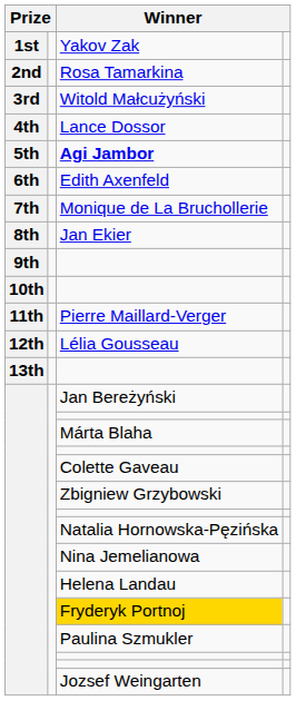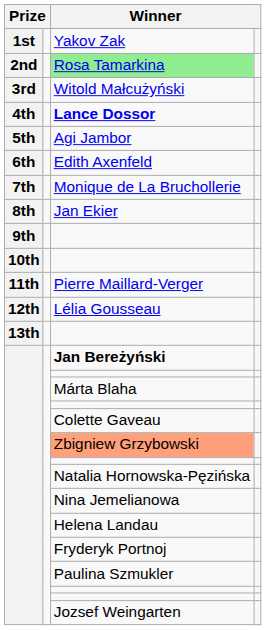 <table class="wikitable">
 <tr>
 <th colspan="2">Prize</th>
 <th colspan="2">Winner</th>
 </tr>
 <tr>
 <th>1st</th>
 <td></td>
 <td><a href='#'>Yakov Zak</a></td>
 <td></td>
 </tr>
 <tr>
 <th>2nd</th>
 <td></td>
-<td><a href='#'>Rosa Tamarkina</a></td>
+<td style="background: lightgreen;"><a href='#'>Rosa Tamarkina</a></td>
 <td></td>
 </tr>
 <tr>
 <th>3rd</th>
 <td></td>
 <td><a href='#'>Witold Małcużyński</a></td>
 <td></td>
 </tr>
 <tr>
 <th>4th</th>
 <td></td>
-<td><a href='#'>Lance Dossor</a></td>
+<td><strong><a href='#'>Lance Dossor</a></strong></td>
 <td></td>
 </tr>
 <tr>
 <th>5th</th>
 <td></td>
-<td><strong><a href='#'>Agi Jambor</a></strong></td>
+<td><a href='#'>Agi Jambor</a></td>
 <td></td>
 </tr>
 <tr>
 <th>6th</th>
 <td></td>
 <td><a href='#'>Edith Axenfeld</a></td>
 <td></td>
 </tr>
 <tr>
 <th>7th</th>
 <td></td>
 <td><a href='#'>Monique de La Bruchollerie</a></td>
 <td></td>
 </tr>
 <tr>
 <th>8th</th>
 <td></td>
 <td><a href='#'>Jan Ekier</a></td>
 <td></td>
 </tr>
 <tr>
 <th>9th</th>
 <td></td>
 <td></td>
 <td></td>
 </tr>
 <tr>
 <th>10th</th>
 <td></td>
 <td></td>
 <td></td>
 </tr>
 <tr>
 <th>11th</th>
 <td></td>
 <td><a href='#'>Pierre Maillard-Verger</a></td>
 <td></td>
 </tr>
 <tr>
 <th>12th</th>
 <td></td>
 <td><a href='#'>Lélia Gousseau</a></td>
 <td></td>
 </tr>
 <tr>
 <th>13th</th>
 <td></td>
 <td></td>
 <td></td>
 </tr>
 <tr>
 <th rowspan="15"></th>
 <td rowspan="15"></td>
-<td>Jan Bereżyński</td>
+<td><strong>Jan Bereżyński</strong></td>
 <td></td>
 </tr>
 <tr>
 <td></td>
 <td></td>
 </tr>
 <tr>
 <td>Márta Blaha</td>
 <td></td>
 </tr>
 <tr>
 <td></td>
 <td></td>
 </tr>
 <tr>
 <td>Colette Gaveau</td>
 <td></td>
 </tr>
 <tr>
-<td>Zbigniew Grzybowski</td>
+<td style="background: lightsalmon;">Zbigniew Grzybowski</td>
 <td></td>
 </tr>
 <tr>
 <td></td>
 <td></td>
 </tr>
 <tr>
 <td>Natalia Hornowska-Pęzińska</td>
 <td></td>
 </tr>
 <tr>
 <td>Nina Jemelianowa</td>
 <td></td>
 </tr>
 <tr>
 <td>Helena Landau</td>
 <td></td>
 </tr>
 <tr>
-<td style="background: gold;">Fryderyk Portnoj</td>
+<td>Fryderyk Portnoj</td>
 <td></td>
 </tr>
 <tr>
 <td>Paulina Szmukler</td>
 <td></td>
 </tr>
 <tr>
 <td></td>
 <td></td>
 </tr>
 <tr>
 <td></td>
 <td></td>
 </tr>
 <tr>
 <td>Jozsef Weingarten</td>
 <td></td>
 </tr>
 </table>
